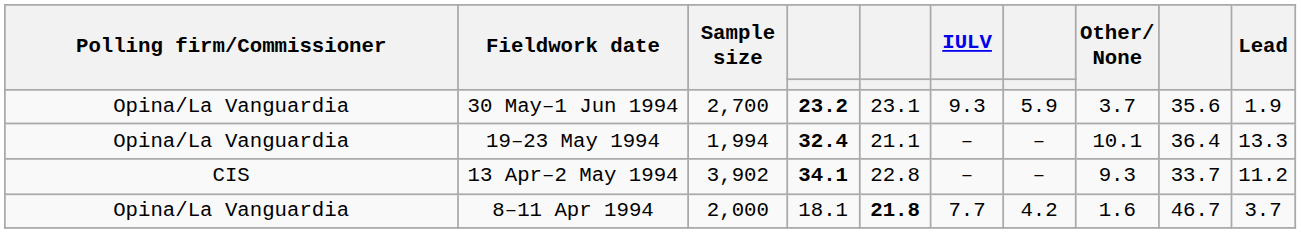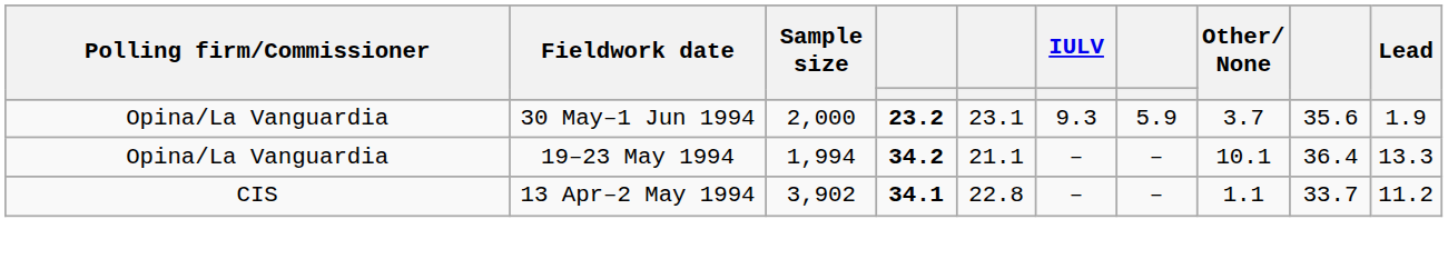 <table class="wikitable collapsible collapsed" style="text-align:center; font-size:90%; line-height:14px;">
 <tr style="height:42px;">
 <th style="width:250px;" rowspan="2">Polling firm/Commissioner</th>
 <th style="width:125px;" rowspan="2">Fieldwork date</th>
 <th style="width:50px;" rowspan="2">Sample size</th>
 <th style="width:35px;"></th>
 <th style="width:35px;"></th>
 <th style="width:35px;"><a href='#'>IULV</a></th>
 <th style="width:35px;"></th>
 <th style="width:35px;" rowspan="2">Other/<br>None</th>
 <th style="width:35px;" rowspan="2"></th>
 <th style="width:30px;" rowspan="2">Lead</th>
 </tr>
 <tr>
 <th style="color:inherit;background:"></th>
 <th style="color:inherit;background:"></th>
 <th style="color:inherit;background:"></th>
 <th style="color:inherit;background:"></th>
 </tr>
 <tr>
 <td>Opina/La Vanguardia</td>
 <td>30 May–1 Jun 1994</td>
-<td>2,700</td>
+<td>2,000</td>
 <td><strong>23.2</strong></td>
 <td>23.1</td>
 <td>9.3</td>
 <td>5.9</td>
 <td>3.7</td>
 <td>35.6</td>
 <td style="background:">1.9</td>
 </tr>
 <tr>
 <td>Opina/La Vanguardia</td>
 <td>19–23 May 1994</td>
 <td>1,994</td>
-<td><strong>32.4</strong></td>
+<td><strong>34.2</strong></td>
 <td>21.1</td>
 <td>–</td>
 <td>–</td>
 <td>10.1</td>
 <td>36.4</td>
 <td style="background:">13.3</td>
 </tr>
 <tr>
 <td>CIS</td>
 <td>13 Apr–2 May 1994</td>
 <td>3,902</td>
 <td><strong>34.1</strong></td>
 <td>22.8</td>
 <td>–</td>
 <td>–</td>
-<td>9.3</td>
+<td>1.1</td>
 <td>33.7</td>
 <td style="background:">11.2</td>
 </tr>
-<tr>
-<td>Opina/La Vanguardia</td>
-<td>8–11 Apr 1994</td>
-<td>2,000</td>
-<td>18.1</td>
-<td><strong>21.8</strong></td>
-<td>7.7</td>
-<td>4.2</td>
-<td>1.6</td>
-<td>46.7</td>
-<td style="background:">3.7</td>
-</tr>
 </table>
